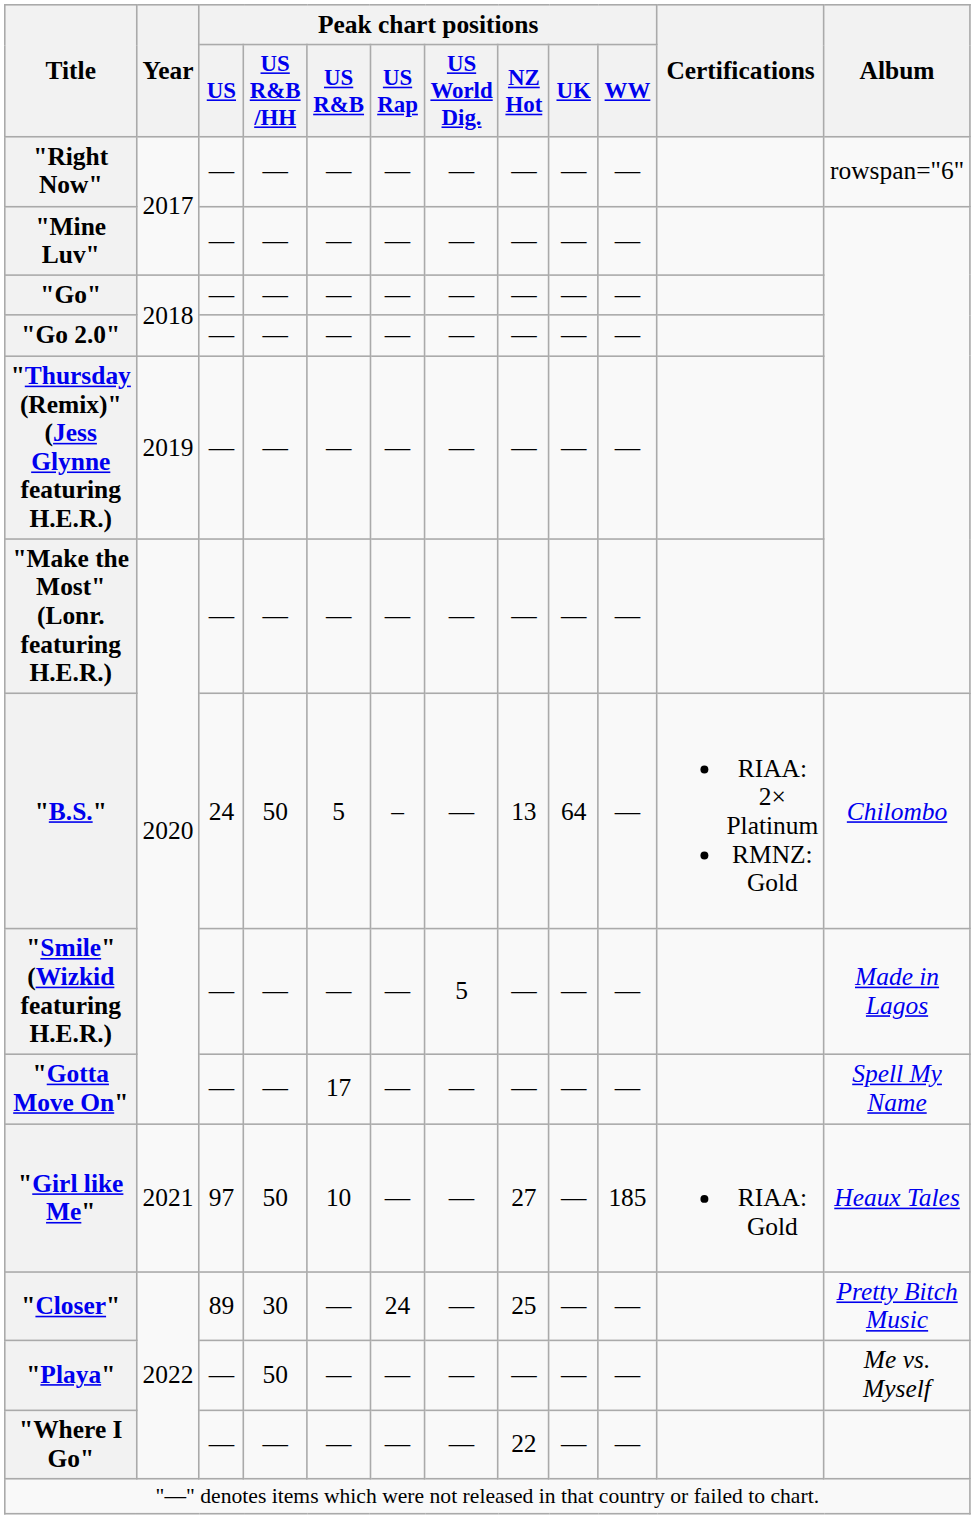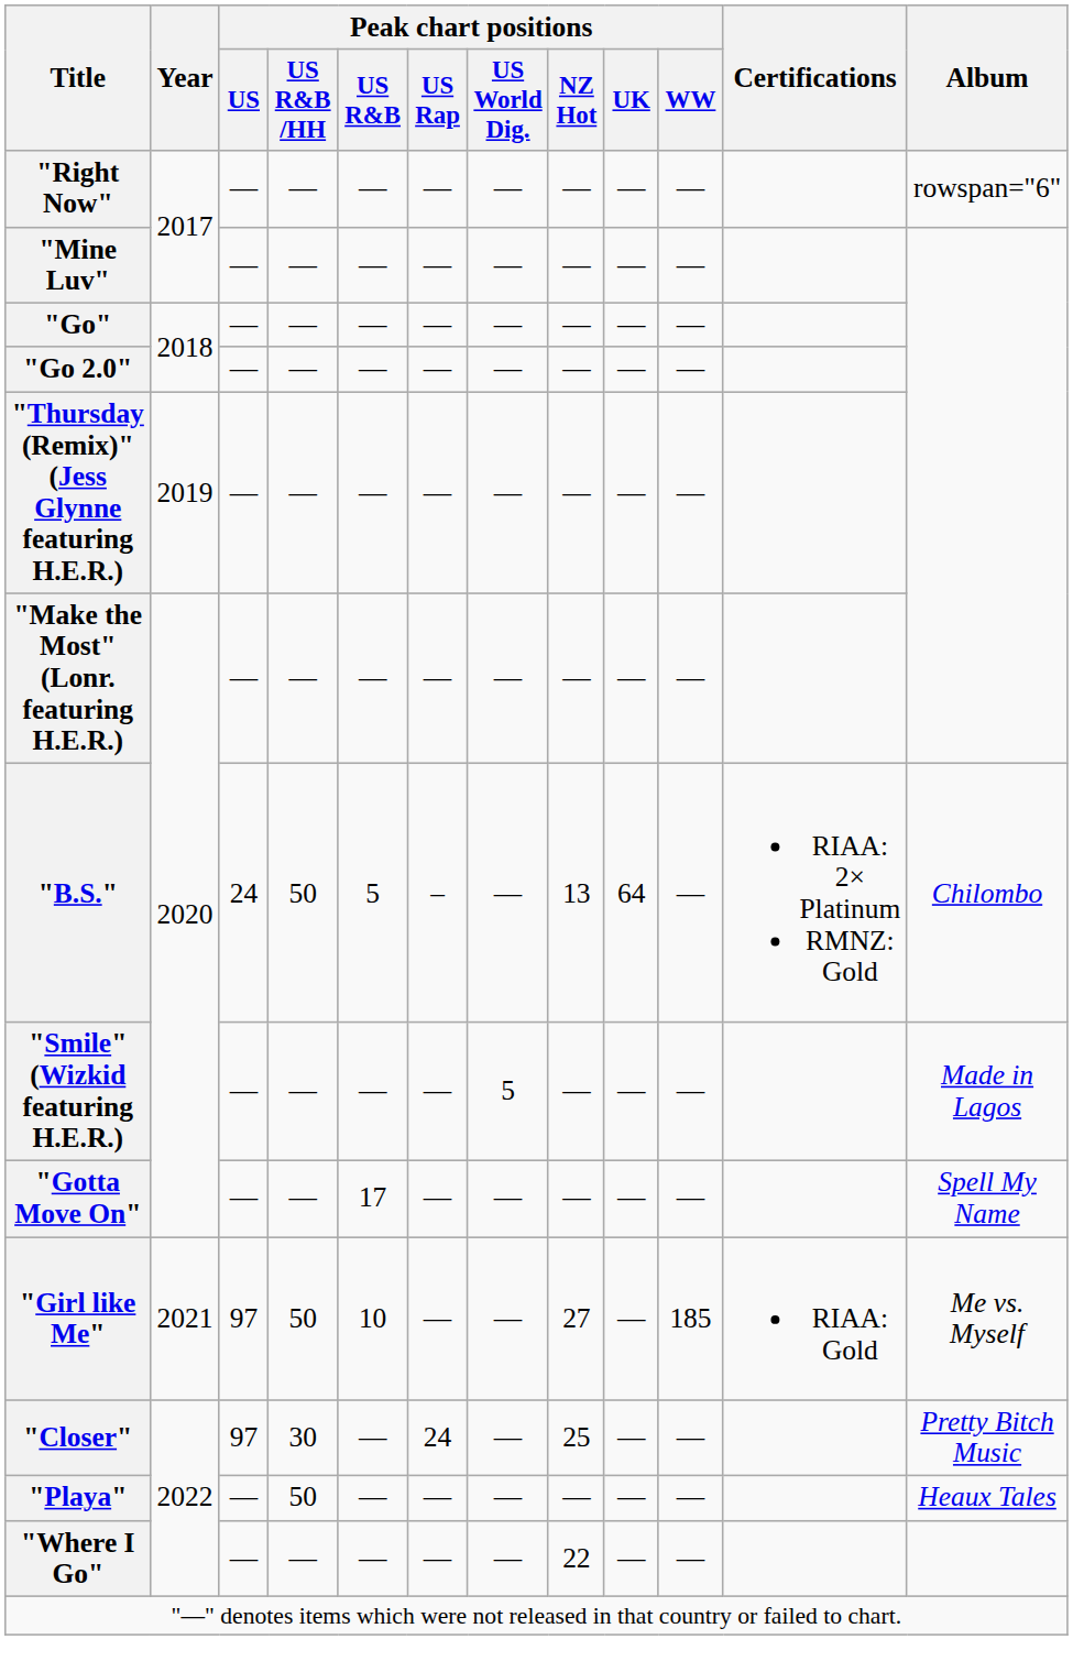 <table class="wikitable plainrowheaders" style="text-align:center;">
 <tr>
 <th scope="col" rowspan="2">Title</th>
 <th scope="col" rowspan="2">Year</th>
 <th scope="col" colspan="8">Peak chart positions</th>
 <th scope="col" rowspan="2">Certifications</th>
 <th scope="col" rowspan="2">Album</th>
 </tr>
 <tr>
 <th scope="col" style="width:3em;font-size:90%;"><a href='#'>US</a><br></th>
 <th scope="col" style="width:3em;font-size:90%;"><a href='#'>US<br>R&B<br>/HH</a><br></th>
 <th scope="col" style="width:3em;font-size:90%;"><a href='#'>US<br>R&B</a><br></th>
 <th scope="col" style="width:3em;font-size:90%;"><a href='#'>US<br>Rap</a><br></th>
 <th scope="col" style="width:3em;font-size:90%;"><a href='#'>US<br>World<br>Dig.</a><br></th>
 <th scope="col" style="width:3em;font-size:90%;"><a href='#'>NZ<br>Hot</a><br></th>
 <th scope="col" style="width:3em;font-size:90%;"><a href='#'>UK</a><br></th>
 <th scope="col" style="width:3em;font-size:90%;"><a href='#'>WW</a><br></th>
 </tr>
 <tr>
 <th scope="row">"Right Now"<br></th>
 <td rowspan="2">2017</td>
 <td>—</td>
 <td>—</td>
 <td>—</td>
 <td>—</td>
 <td>—</td>
 <td>—</td>
 <td>—</td>
 <td>—</td>
 <td></td>
 <td>rowspan="6" </td>
 </tr>
 <tr>
 <th scope="row">"Mine Luv"<br></th>
 <td>—</td>
 <td>—</td>
 <td>—</td>
 <td>—</td>
 <td>—</td>
 <td>—</td>
 <td>—</td>
 <td>—</td>
 <td></td>
 </tr>
 <tr>
 <th scope="row">"Go"<br></th>
 <td rowspan="2">2018</td>
 <td>—</td>
 <td>—</td>
 <td>—</td>
 <td>—</td>
 <td>—</td>
 <td>—</td>
 <td>—</td>
 <td>—</td>
 <td></td>
 </tr>
 <tr>
 <th scope="row">"Go 2.0"<br></th>
 <td>—</td>
 <td>—</td>
 <td>—</td>
 <td>—</td>
 <td>—</td>
 <td>—</td>
 <td>—</td>
 <td>—</td>
 <td></td>
 </tr>
 <tr>
 <th scope="row">"<a href='#'>Thursday</a> (Remix)"<br><span>(<a href='#'>Jess Glynne</a> featuring H.E.R.)</span></th>
 <td>2019</td>
 <td>—</td>
 <td>—</td>
 <td>—</td>
 <td>—</td>
 <td>—</td>
 <td>—</td>
 <td>—</td>
 <td>—</td>
 <td></td>
 </tr>
 <tr>
 <th scope="row">"Make the Most"<br><span>(Lonr. featuring H.E.R.)</span></th>
 <td rowspan="4">2020</td>
 <td>—</td>
 <td>—</td>
 <td>—</td>
 <td>—</td>
 <td>—</td>
 <td>—</td>
 <td>—</td>
 <td>—</td>
 <td></td>
 </tr>
 <tr>
 <th scope="row">"<a href='#'>B.S.</a>"<br></th>
 <td>24</td>
 <td>50</td>
 <td>5</td>
 <td>–</td>
 <td>—</td>
 <td>13</td>
 <td>64</td>
 <td>—</td>
 <td><br><ul><li>RIAA: 2× Platinum</li><li>RMNZ: Gold</li></ul></td>
 <td><em><a href='#'>Chilombo</a></em></td>
 </tr>
 <tr>
 <th scope="row">"<a href='#'>Smile</a>"<br><span>(<a href='#'>Wizkid</a> featuring H.E.R.)</span></th>
 <td>—</td>
 <td>—</td>
 <td>—</td>
 <td>—</td>
 <td>5</td>
 <td>—</td>
 <td>—</td>
 <td>—</td>
 <td></td>
 <td><em><a href='#'>Made in Lagos</a></em></td>
 </tr>
 <tr>
 <th scope="row">"<a href='#'>Gotta Move On</a>"<br></th>
 <td>—</td>
 <td>—</td>
 <td>17</td>
 <td>—</td>
 <td>—</td>
 <td>—</td>
 <td>—</td>
 <td>—</td>
 <td></td>
 <td><em><a href='#'>Spell My Name</a></em></td>
 </tr>
 <tr>
 <th scope="row">"<a href='#'>Girl like Me</a>"<br></th>
 <td rowspan="1">2021</td>
 <td>97</td>
 <td>50</td>
 <td>10</td>
 <td>—</td>
 <td>—</td>
 <td>27</td>
 <td>—</td>
 <td>185</td>
 <td><br><ul><li>RIAA: Gold</li></ul></td>
-<td><em><a href='#'>Heaux Tales</a></em></td>
+<td><em>Me vs. Myself</em></td>
 </tr>
 <tr>
 <th scope="row">"<a href='#'>Closer</a>"<br></th>
 <td rowspan="3">2022</td>
-<td>89</td>
+<td>97</td>
 <td>30</td>
 <td>—</td>
 <td>24</td>
 <td>—</td>
 <td>25</td>
 <td>—</td>
 <td>—</td>
 <td></td>
 <td><em><a href='#'>Pretty Bitch Music</a></em></td>
 </tr>
 <tr>
 <th scope="row">"<a href='#'>Playa</a>"<br></th>
 <td>—</td>
 <td>50</td>
 <td>—</td>
 <td>—</td>
 <td>—</td>
 <td>—</td>
 <td>—</td>
 <td>—</td>
 <td></td>
-<td><em>Me vs. Myself</em></td>
+<td><em><a href='#'>Heaux Tales</a></em></td>
 </tr>
 <tr>
 <th scope="row">"Where I Go"<br></th>
 <td>—</td>
 <td>—</td>
 <td>—</td>
 <td>—</td>
 <td>—</td>
 <td>22</td>
 <td>—</td>
 <td>—</td>
 <td></td>
 <td></td>
 </tr>
 <tr>
 <td colspan="12" style="font-size:85%;">"—" denotes items which were not released in that country or failed to chart.</td>
 </tr>
 </table>
